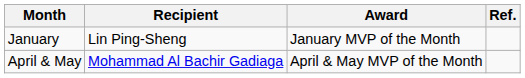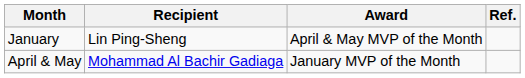 <table class="wikitable">
 <tr>
 <th>Month</th>
 <th>Recipient</th>
 <th>Award</th>
 <th>Ref.</th>
 </tr>
 <tr>
 <td>January</td>
 <td>Lin Ping-Sheng</td>
-<td>January MVP of the Month</td>
+<td>April & May MVP of the Month</td>
 <td></td>
 </tr>
 <tr>
 <td>April & May</td>
 <td><a href='#'>Mohammad Al Bachir Gadiaga</a></td>
-<td>April & May MVP of the Month</td>
+<td>January MVP of the Month</td>
 <td></td>
 </tr>
 </table>
